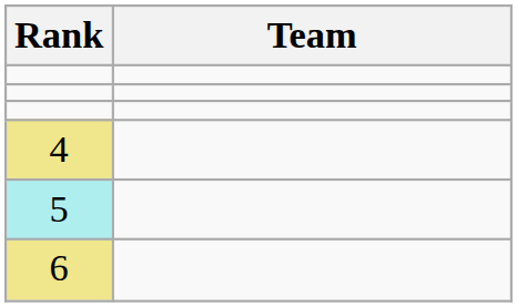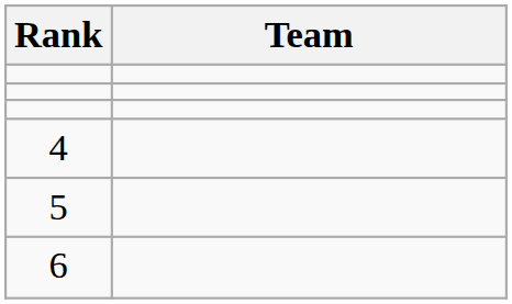 <table class="wikitable">
 <tr>
 <th>Rank</th>
 <th style="width:10em">Team</th>
 </tr>
 <tr>
 <td align=center></td>
 <td></td>
 </tr>
 <tr>
 <td align=center></td>
 <td></td>
 </tr>
 <tr>
 <td align=center></td>
 <td></td>
 </tr>
 <tr>
-<td align=center style="background: khaki;">4</td>
+<td align=center>4</td>
 <td></td>
 </tr>
 <tr>
-<td align=center style="background: paleturquoise;">5</td>
+<td align=center>5</td>
 <td></td>
 </tr>
 <tr>
-<td align=center style="background: khaki;">6</td>
+<td align=center>6</td>
 <td></td>
 </tr>
 </table>
